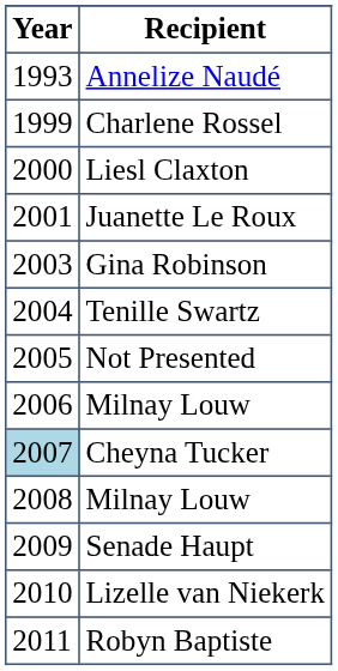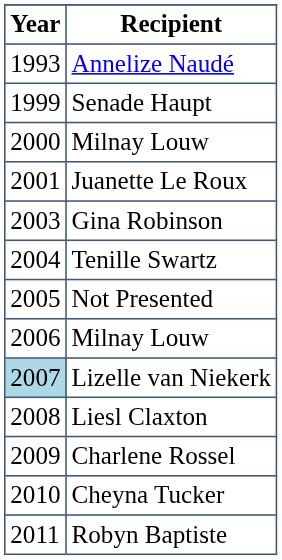 <table cellpadding="3" cellspacing="4" border="1" style="border:#435877 solid 1px; border-collapse: collapse;">
 <tr bgcolor="#d1e4fd">
 </tr>
 <tr>
 <th><strong>Year</strong></th>
 <th><strong>Recipient</strong></th>
 </tr>
 <tr>
 <td>1993</td>
 <td><a href='#'>Annelize Naudé</a></td>
 </tr>
 <tr>
 <td>1999</td>
-<td>Charlene Rossel</td>
+<td>Senade Haupt</td>
 </tr>
 <tr>
 <td>2000</td>
-<td>Liesl Claxton</td>
+<td>Milnay Louw</td>
 </tr>
 <tr>
 <td>2001</td>
 <td>Juanette Le Roux</td>
 </tr>
 <tr>
 <td>2003</td>
 <td>Gina Robinson</td>
 </tr>
 <tr>
 <td>2004</td>
 <td>Tenille Swartz</td>
 </tr>
 <tr>
 <td>2005</td>
 <td>Not Presented</td>
 </tr>
 <tr>
 <td>2006</td>
 <td>Milnay Louw</td>
 </tr>
 <tr>
 <td style="background: lightblue;">2007</td>
-<td>Cheyna Tucker</td>
+<td>Lizelle van Niekerk</td>
 </tr>
 <tr>
 <td>2008</td>
-<td>Milnay Louw</td>
+<td>Liesl Claxton</td>
 </tr>
 <tr>
 <td>2009</td>
-<td>Senade Haupt</td>
+<td>Charlene Rossel</td>
 </tr>
 <tr>
 <td>2010</td>
-<td>Lizelle van Niekerk</td>
+<td>Cheyna Tucker</td>
 </tr>
 <tr>
 <td>2011</td>
 <td>Robyn Baptiste</td>
 </tr>
 </table>
